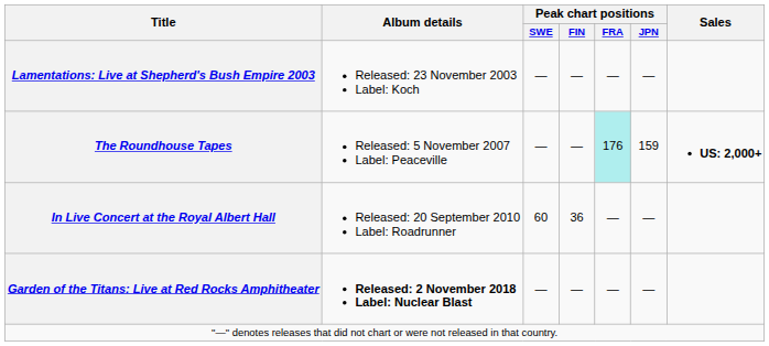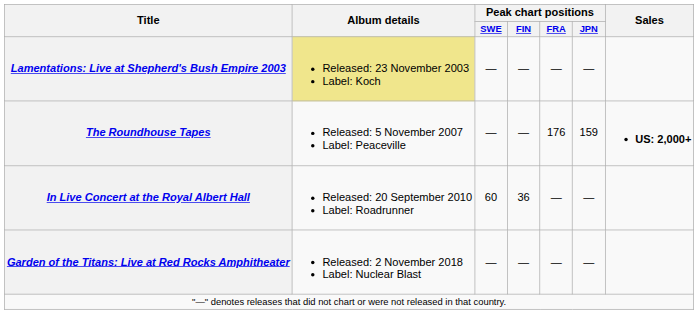 <table class="wikitable plainrowheaders">
 <tr>
 <th scope="col" rowspan="2">Title</th>
 <th scope="col" rowspan="2">Album details</th>
 <th scope="col" colspan="4">Peak chart positions</th>
 <th scope="col" rowspan="2">Sales</th>
 </tr>
 <tr>
 <th scope="col" style="width:3em;font-size:85%"><a href='#'>SWE</a><br></th>
 <th scope="col" style="width:3em;font-size:85%"><a href='#'>FIN</a><br></th>
 <th scope="col" style="width:3em;font-size:85%"><a href='#'>FRA</a><br></th>
 <th scope="col" style="width:3em;font-size:85%"><a href='#'>JPN</a><br></th>
 </tr>
 <tr>
 <th scope="row"><em><a href='#'>Lamentations: Live at Shepherd's Bush Empire 2003</a></em></th>
-<td><br><ul><li>Released: 23 November 2003</li><li>Label: Koch</li></ul></td>
+<td style="background: khaki;"><br><ul><li>Released: 23 November 2003</li><li>Label: Koch</li></ul></td>
 <td style="text-align:center;">—</td>
 <td style="text-align:center;">—</td>
 <td style="text-align:center;">—</td>
 <td style="text-align:center;">—</td>
 <td></td>
 </tr>
 <tr>
 <th scope="row"><em><a href='#'>The Roundhouse Tapes</a></em></th>
 <td><br><ul><li>Released: 5 November 2007</li><li>Label: Peaceville</li></ul></td>
 <td style="text-align:center;">—</td>
 <td style="text-align:center;">—</td>
-<td style="background: paleturquoise; text-align:center;">176</td>
+<td style="text-align:center;">176</td>
 <td style="text-align:center;">159</td>
 <td><strong><br><ul><li>US: 2,000+</li></ul></strong></td>
 </tr>
 <tr>
 <th scope="row"><em><a href='#'>In Live Concert at the Royal Albert Hall</a></em></th>
 <td><br><ul><li>Released: 20 September 2010</li><li>Label: Roadrunner</li></ul></td>
 <td style="text-align:center;">60</td>
 <td style="text-align:center;">36</td>
 <td style="text-align:center;">—</td>
 <td style="text-align:center;">—</td>
 <td></td>
 </tr>
 <tr>
 <th scope="row"><em><a href='#'>Garden of the Titans: Live at Red Rocks Amphitheater</a></em></th>
-<td><strong><br><ul><li>Released: 2 November 2018</li><li>Label: Nuclear Blast</li></ul></strong></td>
+<td><br><ul><li>Released: 2 November 2018</li><li>Label: Nuclear Blast</li></ul></td>
 <td style="text-align:center;">—</td>
 <td style="text-align:center;">—</td>
 <td style="text-align:center;">—</td>
 <td style="text-align:center;">—</td>
 <td></td>
 </tr>
 <tr>
 <td colspan="8" style="text-align:center; font-size:85%">"—" denotes releases that did not chart or were not released in that country.</td>
 </tr>
 </table>
